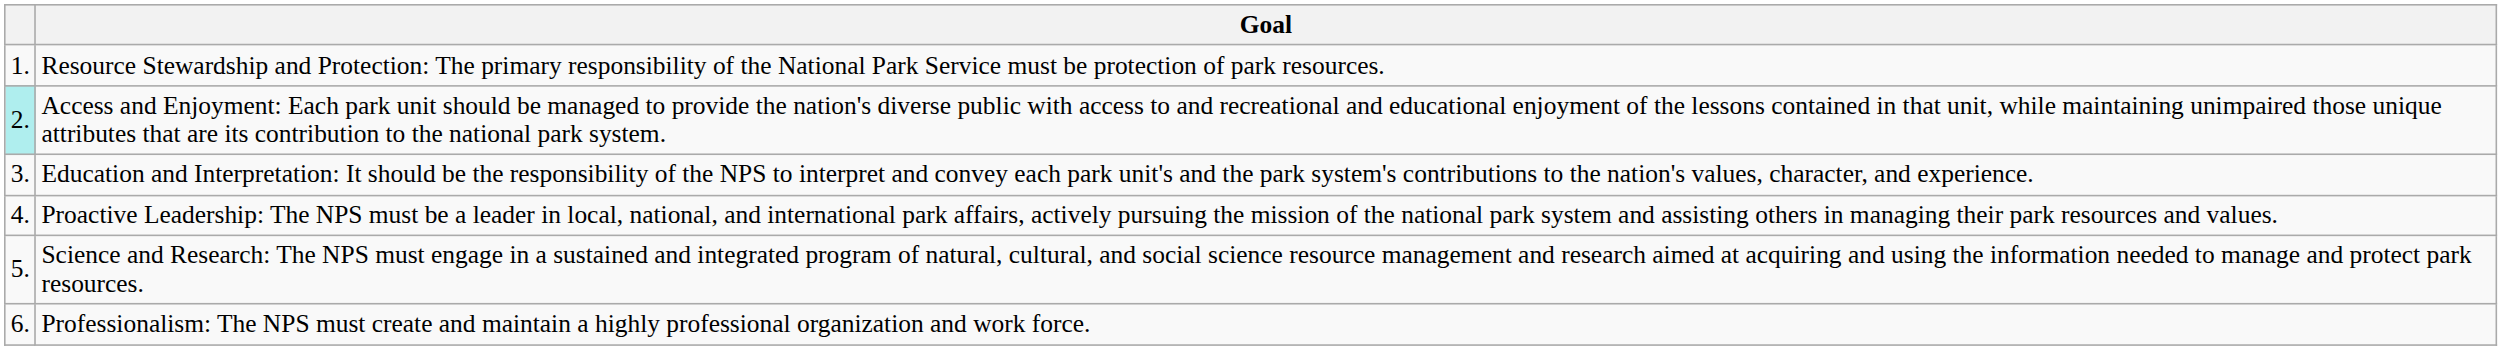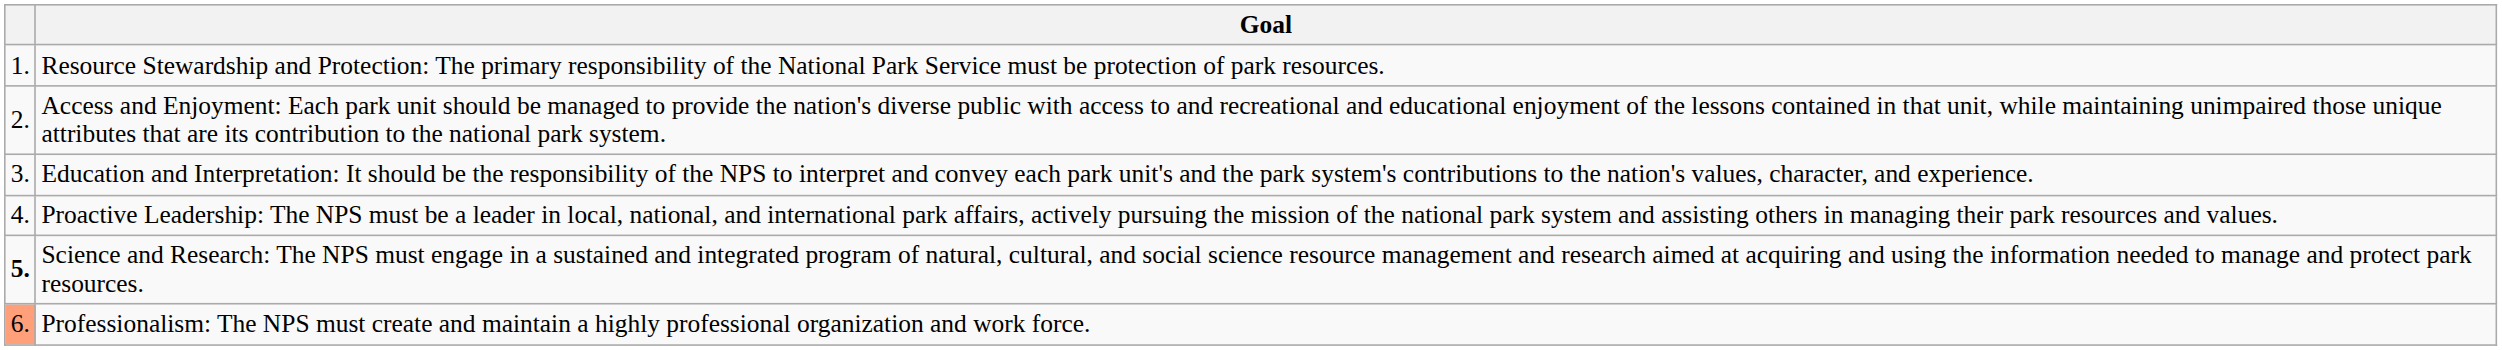 <table class="wikitable" border="1">
 <tr>
 <th></th>
 <th>Goal</th>
 </tr>
 <tr>
 <td>1.</td>
 <td>Resource Stewardship and Protection: The primary responsibility of the National Park Service must be protection of park resources.</td>
 </tr>
 <tr>
-<td style="background: paleturquoise;">2.</td>
+<td>2.</td>
 <td>Access and Enjoyment: Each park unit should be managed to provide the nation's diverse public with access to and recreational and educational enjoyment of the lessons contained in that unit, while maintaining unimpaired those unique attributes that are its contribution to the national park system.</td>
 </tr>
 <tr>
 <td>3.</td>
 <td>Education and Interpretation: It should be the responsibility of the NPS to interpret and convey each park unit's and the park system's contributions to the nation's values, character, and experience.</td>
 </tr>
 <tr>
 <td>4.</td>
 <td>Proactive Leadership: The NPS must be a leader in local, national, and international park affairs, actively pursuing the mission of the national park system and assisting others in managing their park resources and values.</td>
 </tr>
 <tr>
-<td>5.</td>
+<td><strong>5.</strong></td>
 <td>Science and Research: The NPS must engage in a sustained and integrated program of natural, cultural, and social science resource management and research aimed at acquiring and using the information needed to manage and protect park resources.</td>
 </tr>
 <tr>
-<td>6.</td>
+<td style="background: lightsalmon;">6.</td>
 <td>Professionalism: The NPS must create and maintain a highly professional organization and work force.</td>
 </tr>
 </table>
